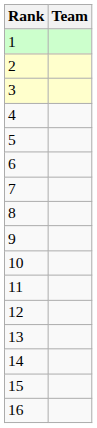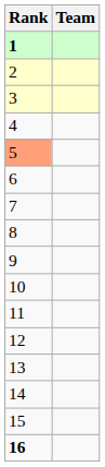 <table class="wikitable">
 <tr>
 <th>Rank</th>
 <th>Team</th>
 </tr>
 <tr bgcolor=#ccffcc>
-<td>1</td>
+<td><strong>1</strong></td>
 <td></td>
 </tr>
 <tr bgcolor=#ffffcc>
 <td>2</td>
 <td></td>
 </tr>
 <tr bgcolor=#ffffcc>
 <td>3</td>
 <td></td>
 </tr>
 <tr>
 <td>4</td>
 <td></td>
 </tr>
 <tr>
-<td>5</td>
+<td style="background: lightsalmon;">5</td>
 <td></td>
 </tr>
 <tr>
 <td>6</td>
 <td></td>
 </tr>
 <tr>
 <td>7</td>
 <td></td>
 </tr>
 <tr>
 <td>8</td>
 <td></td>
 </tr>
 <tr>
 <td>9</td>
 <td></td>
 </tr>
 <tr>
 <td>10</td>
 <td></td>
 </tr>
 <tr>
 <td>11</td>
 <td></td>
 </tr>
 <tr>
 <td>12</td>
 <td></td>
 </tr>
 <tr>
 <td>13</td>
 <td></td>
 </tr>
 <tr>
 <td>14</td>
 <td></td>
 </tr>
 <tr>
 <td>15</td>
 <td></td>
 </tr>
 <tr>
-<td>16</td>
+<td><strong>16</strong></td>
 <td></td>
 </tr>
 </table>
